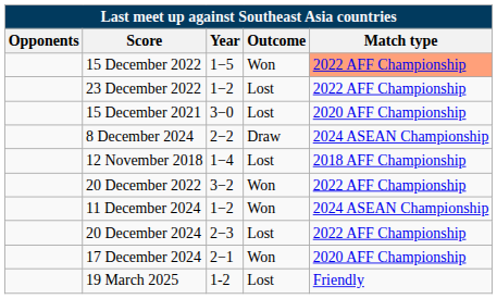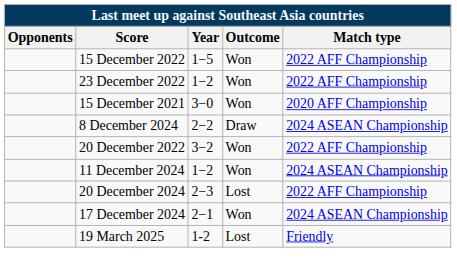 <table class="wikitable">
 <tr>
 <th colspan=5 style="background: #013A5E; color: #F4F5F8;">Last meet up against Southeast Asia countries</th>
 </tr>
 <tr>
 <th>Opponents</th>
 <th>Score</th>
 <th>Year</th>
 <th>Outcome</th>
 <th>Match type</th>
 </tr>
 <tr>
 <td></td>
 <td>15 December 2022</td>
 <td>1−5</td>
 <td>Won</td>
-<td style="background: lightsalmon;"><a href='#'>2022 AFF Championship</a></td>
+<td><a href='#'>2022 AFF Championship</a></td>
 </tr>
 <tr>
 <td></td>
 <td>23 December 2022</td>
 <td>1−2</td>
-<td>Lost</td>
+<td>Won</td>
 <td><a href='#'>2022 AFF Championship</a></td>
 </tr>
 <tr>
 <td></td>
 <td>15 December 2021</td>
 <td>3−0</td>
-<td>Lost</td>
+<td>Won</td>
 <td><a href='#'>2020 AFF Championship</a></td>
 </tr>
 <tr>
 <td></td>
 <td>8 December 2024</td>
 <td>2−2</td>
 <td>Draw</td>
 <td><a href='#'>2024 ASEAN Championship</a></td>
-</tr>
-<tr>
-<td></td>
-<td>12 November 2018</td>
-<td>1−4</td>
-<td>Lost</td>
-<td><a href='#'>2018 AFF Championship</a></td>
 </tr>
 <tr>
 <td></td>
 <td>20 December 2022</td>
 <td>3−2</td>
 <td>Won</td>
 <td><a href='#'>2022 AFF Championship</a></td>
 </tr>
 <tr>
 <td></td>
 <td>11 December 2024</td>
 <td>1−2</td>
 <td>Won</td>
 <td><a href='#'>2024 ASEAN Championship</a></td>
 </tr>
 <tr>
 <td></td>
 <td>20 December 2024</td>
 <td>2−3</td>
 <td>Lost</td>
 <td><a href='#'>2022 AFF Championship</a></td>
 </tr>
 <tr>
 <td></td>
 <td>17 December 2024</td>
 <td>2−1</td>
 <td>Won</td>
-<td><a href='#'>2020 AFF Championship</a></td>
+<td><a href='#'>2024 ASEAN Championship</a></td>
 </tr>
 <tr>
 <td></td>
 <td>19 March 2025</td>
 <td>1-2</td>
 <td>Lost</td>
 <td><a href='#'>Friendly</a></td>
 </tr>
 </table>
